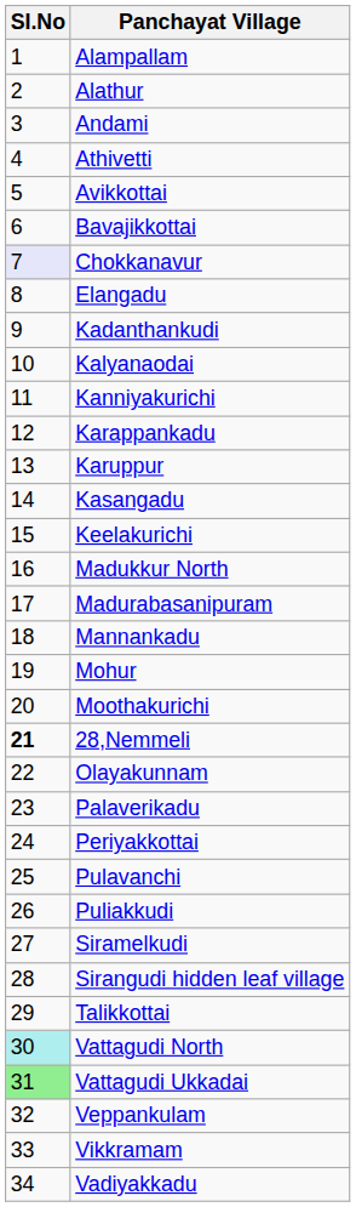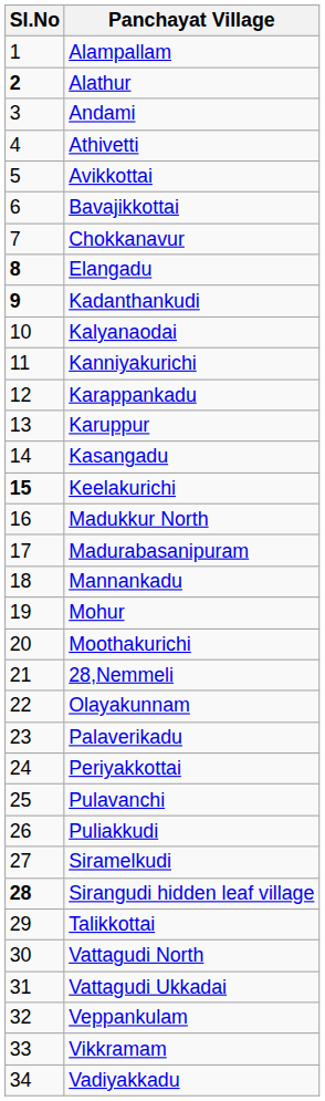 <table class="wikitable sortable">
 <tr>
 <th>SI.No</th>
 <th>Panchayat Village</th>
 </tr>
 <tr>
 <td>1</td>
 <td><a href='#'>Alampallam</a></td>
 </tr>
 <tr>
-<td>2</td>
+<td><strong>2</strong></td>
 <td><a href='#'>Alathur</a></td>
 </tr>
 <tr>
 <td>3</td>
 <td><a href='#'>Andami</a></td>
 </tr>
 <tr>
 <td>4</td>
 <td><a href='#'>Athivetti</a></td>
 </tr>
 <tr>
 <td>5</td>
 <td><a href='#'>Avikkottai</a></td>
 </tr>
 <tr>
 <td>6</td>
 <td><a href='#'>Bavajikkottai</a></td>
 </tr>
 <tr>
-<td style="background: lavender;">7</td>
+<td>7</td>
 <td><a href='#'>Chokkanavur</a></td>
 </tr>
 <tr>
-<td>8</td>
+<td><strong>8</strong></td>
 <td><a href='#'>Elangadu</a></td>
 </tr>
 <tr>
-<td>9</td>
+<td><strong>9</strong></td>
 <td><a href='#'>Kadanthankudi</a></td>
 </tr>
 <tr>
 <td>10</td>
 <td><a href='#'>Kalyanaodai</a></td>
 </tr>
 <tr>
 <td>11</td>
 <td><a href='#'>Kanniyakurichi</a></td>
 </tr>
 <tr>
 <td>12</td>
 <td><a href='#'>Karappankadu</a></td>
 </tr>
 <tr>
 <td>13</td>
 <td><a href='#'>Karuppur</a></td>
 </tr>
 <tr>
 <td>14</td>
 <td><a href='#'>Kasangadu</a></td>
 </tr>
 <tr>
-<td>15</td>
+<td><strong>15</strong></td>
 <td><a href='#'>Keelakurichi</a></td>
 </tr>
 <tr>
 <td>16</td>
 <td><a href='#'>Madukkur North</a></td>
 </tr>
 <tr>
 <td>17</td>
 <td><a href='#'>Madurabasanipuram</a></td>
 </tr>
 <tr>
 <td>18</td>
 <td><a href='#'>Mannankadu</a></td>
 </tr>
 <tr>
 <td>19</td>
 <td><a href='#'>Mohur</a></td>
 </tr>
 <tr>
 <td>20</td>
 <td><a href='#'>Moothakurichi</a></td>
 </tr>
 <tr>
-<td><strong>21</strong></td>
+<td>21</td>
 <td><a href='#'>28,Nemmeli</a></td>
 </tr>
 <tr>
 <td>22</td>
 <td><a href='#'>Olayakunnam</a></td>
 </tr>
 <tr>
 <td>23</td>
 <td><a href='#'>Palaverikadu</a></td>
 </tr>
 <tr>
 <td>24</td>
 <td><a href='#'>Periyakkottai</a></td>
 </tr>
 <tr>
 <td>25</td>
 <td><a href='#'>Pulavanchi</a></td>
 </tr>
 <tr>
 <td>26</td>
 <td><a href='#'>Puliakkudi</a></td>
 </tr>
 <tr>
 <td>27</td>
 <td><a href='#'>Siramelkudi</a></td>
 </tr>
 <tr>
-<td>28</td>
+<td><strong>28</strong></td>
 <td><a href='#'>Sirangudi hidden leaf village</a></td>
 </tr>
 <tr>
 <td>29</td>
 <td><a href='#'>Talikkottai</a></td>
 </tr>
 <tr>
-<td style="background: paleturquoise;">30</td>
+<td>30</td>
 <td><a href='#'>Vattagudi North</a></td>
 </tr>
 <tr>
-<td style="background: lightgreen;">31</td>
+<td>31</td>
 <td><a href='#'>Vattagudi Ukkadai</a></td>
 </tr>
 <tr>
 <td>32</td>
 <td><a href='#'>Veppankulam</a></td>
 </tr>
 <tr>
 <td>33</td>
 <td><a href='#'>Vikkramam</a></td>
 </tr>
 <tr>
 <td>34</td>
 <td><a href='#'>Vadiyakkadu</a></td>
 </tr>
 </table>
